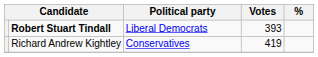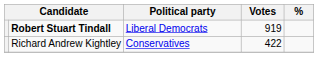 <table class="wikitable">
 <tr>
 <th valign=top colspan="2" style="width: 180px">Candidate</th>
 <th valign=top style="width: 180px">Political party</th>
 <th valign=top style="width: 60px">Votes</th>
 <th valign=top style="width: 40px">%</th>
 </tr>
 <tr>
 <th style="background-color: "></th>
 <td><strong>Robert Stuart Tindall</strong></td>
 <td><a href='#'>Liberal Democrats</a></td>
-<td align="right">393</td>
+<td align="right">919</td>
 <td align="right"></td>
 </tr>
 <tr>
 <th style="background-color: "></th>
 <td>Richard Andrew Kightley</td>
 <td><a href='#'>Conservatives</a></td>
-<td align="right">419</td>
+<td align="right">422</td>
 <td align="right"></td>
 </tr>
 <tr>
 </tr>
 </table>
